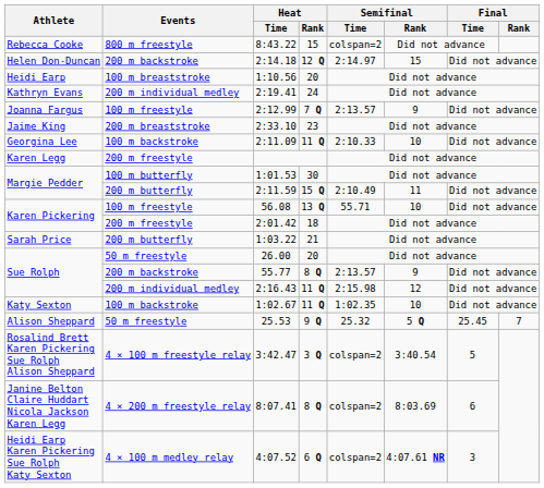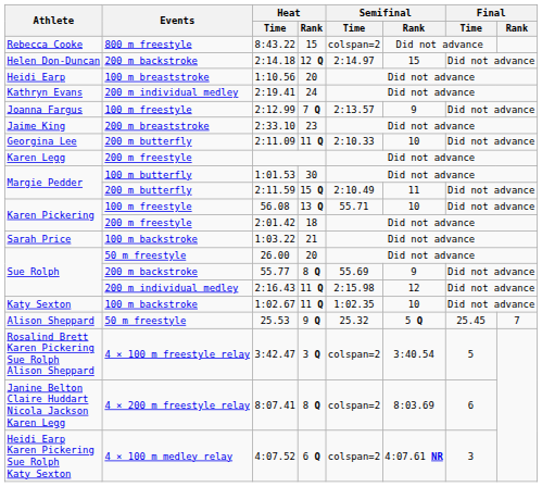 <table class=wikitable style="font-size:90%">
 <tr>
 <th rowspan="2">Athlete</th>
 <th rowspan="2">Events</th>
 <th colspan="2">Heat</th>
 <th colspan="2">Semifinal</th>
 <th colspan="2">Final</th>
 </tr>
 <tr style="font-size:95%">
 <th>Time</th>
 <th>Rank</th>
 <th>Time</th>
 <th>Rank</th>
 <th>Time</th>
 <th>Rank</th>
 </tr>
 <tr align=center>
 <td align=left><a href='#'>Rebecca Cooke</a></td>
 <td align=left><a href='#'>800 m freestyle</a></td>
 <td>8:43.22</td>
 <td>15</td>
 <td>colspan=2 </td>
 <td colspan=2>Did not advance</td>
 </tr>
 <tr align=center>
 <td align=left><a href='#'>Helen Don-Duncan</a></td>
 <td align=left><a href='#'>200 m backstroke</a></td>
 <td>2:14.18</td>
 <td>12 <strong>Q</strong></td>
 <td>2:14.97</td>
 <td>15</td>
 <td colspan=2>Did not advance</td>
 </tr>
 <tr align=center>
 <td align=left><a href='#'>Heidi Earp</a></td>
 <td align=left><a href='#'>100 m breaststroke</a></td>
 <td>1:10.56</td>
 <td>20</td>
 <td colspan=4>Did not advance</td>
 </tr>
 <tr align=center>
 <td align=left><a href='#'>Kathryn Evans</a></td>
 <td align=left><a href='#'>200 m individual medley</a></td>
 <td>2:19.41</td>
 <td>24</td>
 <td colspan=4>Did not advance</td>
 </tr>
 <tr align=center>
 <td align=left><a href='#'>Joanna Fargus</a></td>
 <td align=left><a href='#'>100 m freestyle</a></td>
 <td>2:12.99</td>
 <td>7 <strong>Q</strong></td>
 <td>2:13.57</td>
 <td>9</td>
 <td colspan=2>Did not advance</td>
 </tr>
 <tr align=center>
 <td align=left><a href='#'>Jaime King</a></td>
 <td align=left><a href='#'>200 m breaststroke</a></td>
 <td>2:33.10</td>
 <td>23</td>
 <td colspan=4>Did not advance</td>
 </tr>
 <tr align=center>
 <td align=left><a href='#'>Georgina Lee</a></td>
-<td align=left><a href='#'>100 m backstroke</a></td>
+<td align=left><a href='#'>200 m butterfly</a></td>
 <td>2:11.09</td>
 <td>11 <strong>Q</strong></td>
 <td>2:10.33</td>
 <td>10</td>
 <td colspan=2>Did not advance</td>
 </tr>
 <tr align=center>
 <td align=left><a href='#'>Karen Legg</a></td>
 <td align=left><a href='#'>200 m freestyle</a></td>
 <td colspan=2></td>
 <td colspan=4>Did not advance</td>
 </tr>
 <tr align=center>
 <td align=left rowspan="2"><a href='#'>Margie Pedder</a></td>
 <td align=left><a href='#'>100 m butterfly</a></td>
 <td>1:01.53</td>
 <td>30</td>
 <td colspan=4>Did not advance</td>
 </tr>
 <tr align=center>
 <td align=left><a href='#'>200 m butterfly</a></td>
 <td>2:11.59</td>
 <td>15 <strong>Q</strong></td>
 <td>2:10.49</td>
 <td>11</td>
 <td colspan=2>Did not advance</td>
 </tr>
 <tr align=center>
 <td align=left rowspan="2"><a href='#'>Karen Pickering</a></td>
 <td align=left><a href='#'>100 m freestyle</a></td>
 <td>56.08</td>
 <td>13 <strong>Q</strong></td>
 <td>55.71</td>
 <td>10</td>
 <td colspan=2>Did not advance</td>
 </tr>
 <tr align=center>
 <td align=left><a href='#'>200 m freestyle</a></td>
 <td>2:01.42</td>
 <td>18</td>
 <td colspan=4>Did not advance</td>
 </tr>
 <tr align=center>
 <td align=left><a href='#'>Sarah Price</a></td>
-<td align=left><a href='#'>200 m butterfly</a></td>
+<td align=left><a href='#'>100 m backstroke</a></td>
 <td>1:03.22</td>
 <td>21</td>
 <td colspan=4>Did not advance</td>
 </tr>
 <tr align=center>
 <td align=left rowspan="3"><a href='#'>Sue Rolph</a></td>
 <td align=left><a href='#'>50 m freestyle</a></td>
 <td>26.00</td>
 <td>20</td>
 <td colspan=4>Did not advance</td>
 </tr>
 <tr align=center>
 <td align=left><a href='#'>200 m backstroke</a></td>
 <td>55.77</td>
 <td>8 <strong>Q</strong></td>
-<td>2:13.57</td>
+<td>55.69</td>
 <td>9</td>
 <td colspan=2>Did not advance</td>
 </tr>
 <tr align=center>
 <td align=left><a href='#'>200 m individual medley</a></td>
 <td>2:16.43</td>
 <td>11 <strong>Q</strong></td>
 <td>2:15.98</td>
 <td>12</td>
 <td colspan=2>Did not advance</td>
 </tr>
 <tr align=center>
 <td align=left><a href='#'>Katy Sexton</a></td>
 <td align=left><a href='#'>100 m backstroke</a></td>
 <td>1:02.67</td>
 <td>11 <strong>Q</strong></td>
 <td>1:02.35</td>
 <td>10</td>
 <td colspan=2>Did not advance</td>
 </tr>
 <tr align=center>
 <td align=left><a href='#'>Alison Sheppard</a></td>
 <td align=left><a href='#'>50 m freestyle</a></td>
 <td>25.53</td>
 <td>9 <strong>Q</strong></td>
 <td>25.32</td>
 <td>5 <strong>Q</strong></td>
 <td>25.45</td>
 <td>7</td>
 </tr>
 <tr align=center>
 <td align=left><a href='#'>Rosalind Brett</a><br><a href='#'>Karen Pickering</a><br><a href='#'>Sue Rolph</a><br><a href='#'>Alison Sheppard</a></td>
 <td align=left><a href='#'>4 × 100 m freestyle relay</a></td>
 <td>3:42.47</td>
 <td>3 <strong>Q</strong></td>
 <td>colspan=2 </td>
 <td>3:40.54</td>
 <td>5</td>
 </tr>
 <tr align=center>
 <td align=left><a href='#'>Janine Belton</a><br><a href='#'>Claire Huddart</a><br><a href='#'>Nicola Jackson</a><br><a href='#'>Karen Legg</a></td>
 <td align=left><a href='#'>4 × 200 m freestyle relay</a></td>
 <td>8:07.41</td>
 <td>8 <strong>Q</strong></td>
 <td>colspan=2 </td>
 <td>8:03.69</td>
 <td>6</td>
 </tr>
 <tr align=center>
 <td align=left><a href='#'>Heidi Earp</a><br><a href='#'>Karen Pickering</a><br><a href='#'>Sue Rolph</a><br><a href='#'>Katy Sexton</a></td>
 <td align=left><a href='#'>4 × 100 m medley relay</a></td>
 <td>4:07.52</td>
 <td>6 <strong>Q</strong></td>
 <td>colspan=2 </td>
 <td>4:07.61 <strong><a href='#'>NR</a></strong></td>
 <td>3</td>
 </tr>
 </table>
